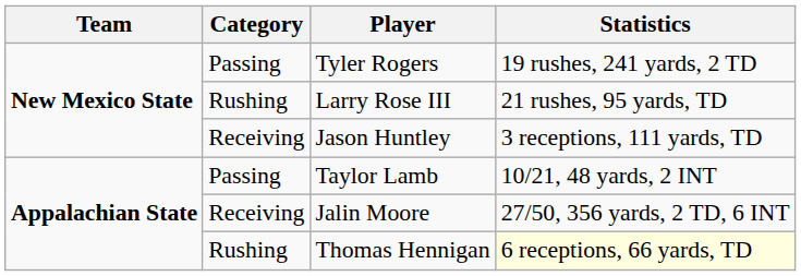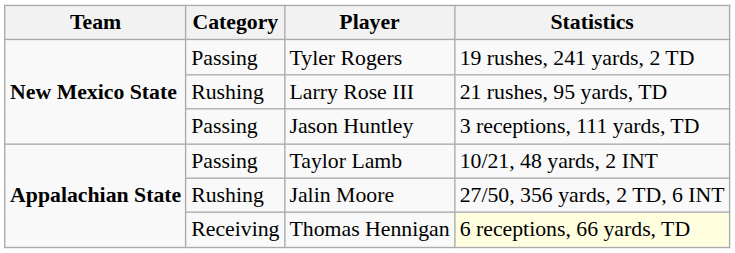 <table class="wikitable" style="float: right;">
 <tr>
 <th>Team</th>
 <th>Category</th>
 <th>Player</th>
 <th>Statistics</th>
 </tr>
 <tr>
 <td rowspan=3><strong>New Mexico State</strong></td>
 <td>Passing</td>
 <td>Tyler Rogers</td>
 <td>19 rushes, 241 yards, 2 TD</td>
 </tr>
 <tr>
 <td>Rushing</td>
 <td>Larry Rose III</td>
 <td>21 rushes, 95 yards, TD</td>
 </tr>
 <tr>
-<td>Receiving</td>
+<td>Passing</td>
 <td>Jason Huntley</td>
 <td>3 receptions, 111 yards, TD</td>
 </tr>
 <tr>
 <td rowspan=3><strong>Appalachian State</strong></td>
 <td>Passing</td>
 <td>Taylor Lamb</td>
 <td>10/21, 48 yards, 2 INT</td>
 </tr>
 <tr>
-<td>Receiving</td>
+<td>Rushing</td>
 <td>Jalin Moore</td>
 <td>27/50, 356 yards, 2 TD, 6 INT</td>
 </tr>
 <tr>
-<td>Rushing</td>
+<td>Receiving</td>
 <td>Thomas Hennigan</td>
 <td style="background: lightyellow;">6 receptions, 66 yards, TD</td>
 </tr>
 </table>
